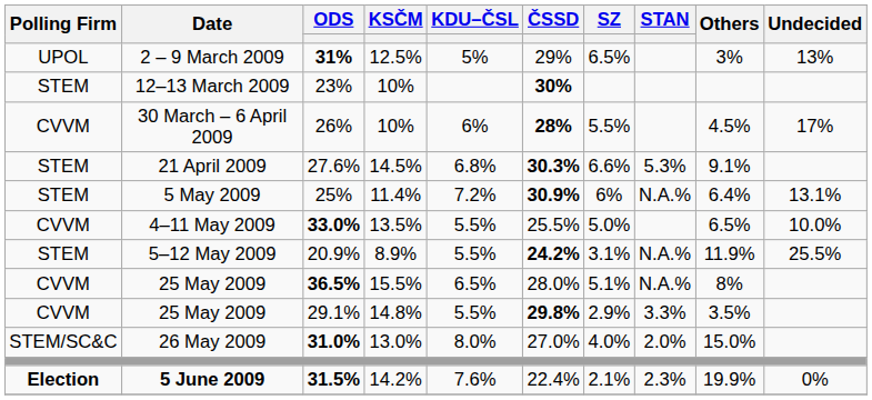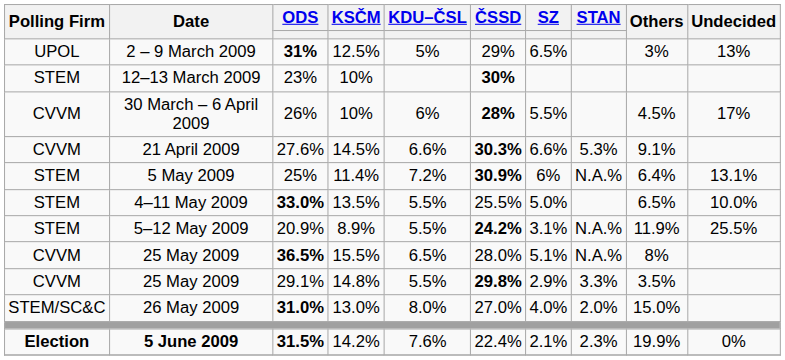 <table class="wikitable" style=text-align:center>
 <tr style="background-color:#E9E9E9">
 <th style="width:90px;" rowspan="2">Polling Firm</th>
 <th style="width:150px;" rowspan="2">Date</th>
 <th><a href='#'>ODS</a></th>
 <th><a href='#'>KSČM</a></th>
 <th><a href='#'>KDU–ČSL</a></th>
 <th><a href='#'>ČSSD</a></th>
 <th><a href='#'>SZ</a></th>
 <th><a href='#'>STAN</a></th>
 <th style="width:40px;" rowspan="2">Others</th>
 <th style="width:20px;" rowspan="2">Undecided</th>
 </tr>
 <tr>
 <th style="background:"></th>
 <th style="background:"></th>
 <th style="background:"></th>
 <th style="background:"></th>
 <th style="background:"></th>
 <th style="background:"></th>
 </tr>
 <tr>
 <td>UPOL</td>
 <td>2 – 9 March 2009</td>
 <td><strong>31%</strong></td>
 <td>12.5%</td>
 <td>5%</td>
 <td>29%</td>
 <td>6.5%</td>
 <td></td>
 <td>3%</td>
 <td>13%</td>
 </tr>
 <tr>
 <td>STEM</td>
 <td>12–13 March 2009</td>
 <td>23%</td>
 <td>10%</td>
 <td></td>
 <td><strong>30%</strong></td>
 <td></td>
 <td></td>
 <td></td>
 <td></td>
 </tr>
 <tr>
 <td>CVVM</td>
 <td>30 March – 6 April 2009</td>
 <td>26%</td>
 <td>10%</td>
 <td>6%</td>
 <td><strong>28%</strong></td>
 <td>5.5%</td>
 <td></td>
 <td>4.5%</td>
 <td>17%</td>
 </tr>
 <tr>
-<td>STEM</td>
+<td>CVVM</td>
 <td>21 April 2009</td>
 <td>27.6%</td>
 <td>14.5%</td>
-<td>6.8%</td>
+<td>6.6%</td>
 <td><strong>30.3%</strong></td>
 <td>6.6%</td>
 <td>5.3%</td>
 <td>9.1%</td>
 <td></td>
 </tr>
 <tr>
 <td>STEM</td>
 <td>5 May 2009</td>
 <td>25%</td>
 <td>11.4%</td>
 <td>7.2%</td>
 <td><strong>30.9%</strong></td>
 <td>6%</td>
 <td>N.A.%</td>
 <td>6.4%</td>
 <td>13.1%</td>
 </tr>
 <tr>
-<td>CVVM</td>
+<td>STEM</td>
 <td>4–11 May 2009</td>
 <td><strong>33.0%</strong></td>
 <td>13.5%</td>
 <td>5.5%</td>
 <td>25.5%</td>
 <td>5.0%</td>
 <td></td>
 <td>6.5%</td>
 <td>10.0%</td>
 </tr>
 <tr>
 <td>STEM</td>
 <td>5–12 May 2009</td>
 <td>20.9%</td>
 <td>8.9%</td>
 <td>5.5%</td>
 <td><strong>24.2%</strong></td>
 <td>3.1%</td>
 <td>N.A.%</td>
 <td>11.9%</td>
 <td>25.5%</td>
 </tr>
 <tr>
 <td>CVVM</td>
 <td>25 May 2009</td>
 <td><strong>36.5%</strong></td>
 <td>15.5%</td>
 <td>6.5%</td>
 <td>28.0%</td>
 <td>5.1%</td>
 <td>N.A.%</td>
 <td>8%</td>
 <td></td>
 </tr>
 <tr>
 <td>CVVM</td>
 <td>25 May 2009</td>
 <td>29.1%</td>
 <td>14.8%</td>
 <td>5.5%</td>
 <td><strong>29.8%</strong></td>
 <td>2.9%</td>
 <td>3.3%</td>
 <td>3.5%</td>
 <td></td>
 </tr>
 <tr>
 <td>STEM/SC&C</td>
 <td>26 May 2009</td>
 <td><strong>31.0%</strong></td>
 <td>13.0%</td>
 <td>8.0%</td>
 <td>27.0%</td>
 <td>4.0%</td>
 <td>2.0%</td>
 <td>15.0%</td>
 <td></td>
 </tr>
 <tr>
 <td colspan="10" style="background:#A0A0A0"></td>
 </tr>
 <tr>
 <td><strong>Election</strong></td>
 <td><strong>5 June 2009</strong></td>
 <td><strong>31.5%</strong></td>
 <td>14.2%</td>
 <td>7.6%</td>
 <td>22.4%</td>
 <td>2.1%</td>
 <td>2.3%</td>
 <td>19.9%</td>
 <td>0%</td>
 </tr>
 <tr>
 </tr>
 </table>
